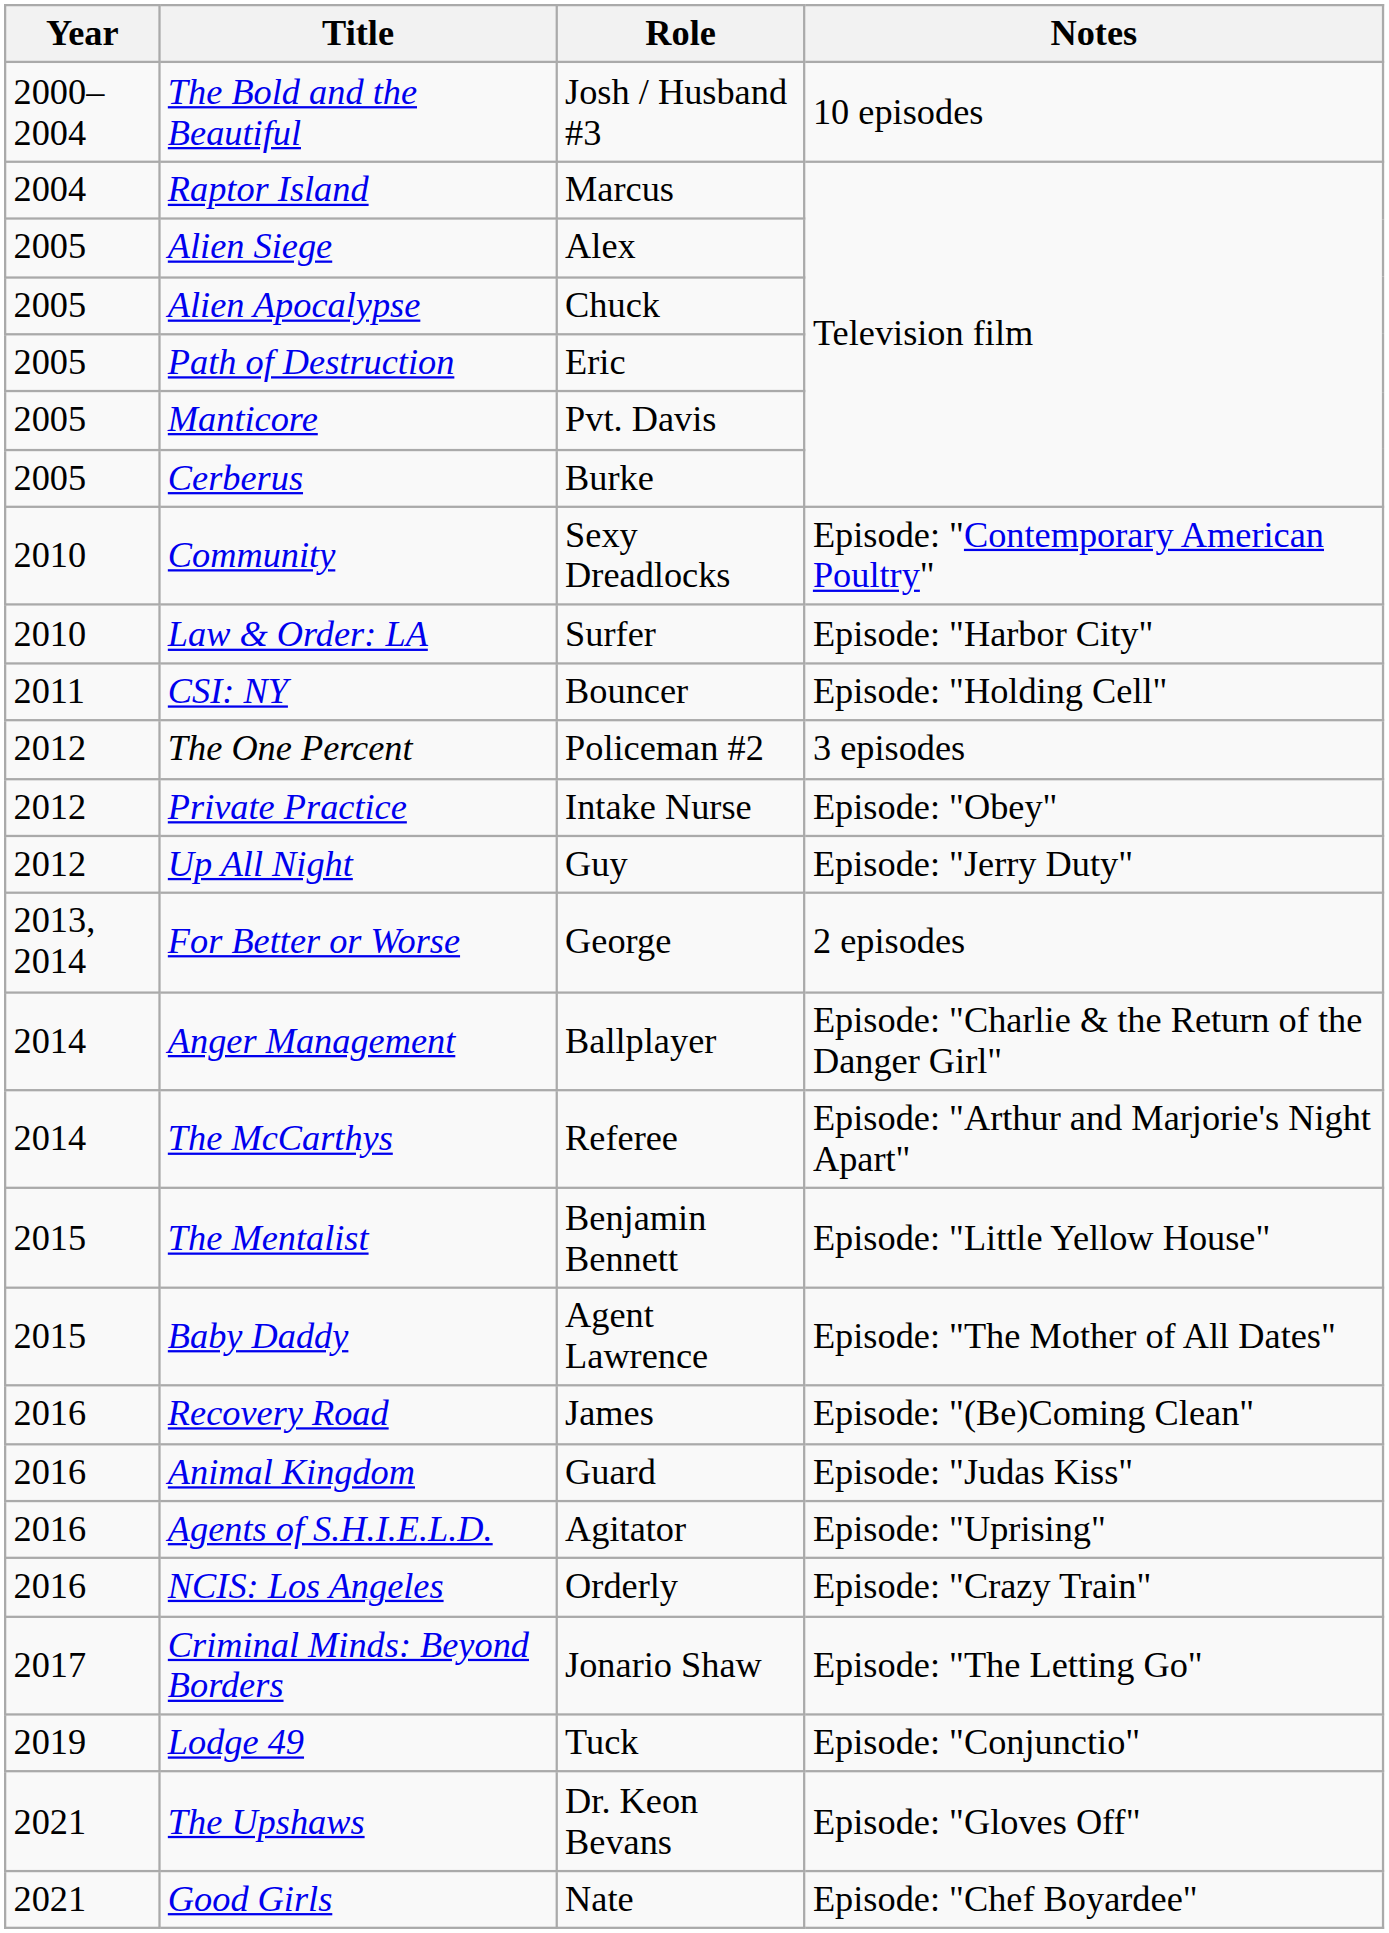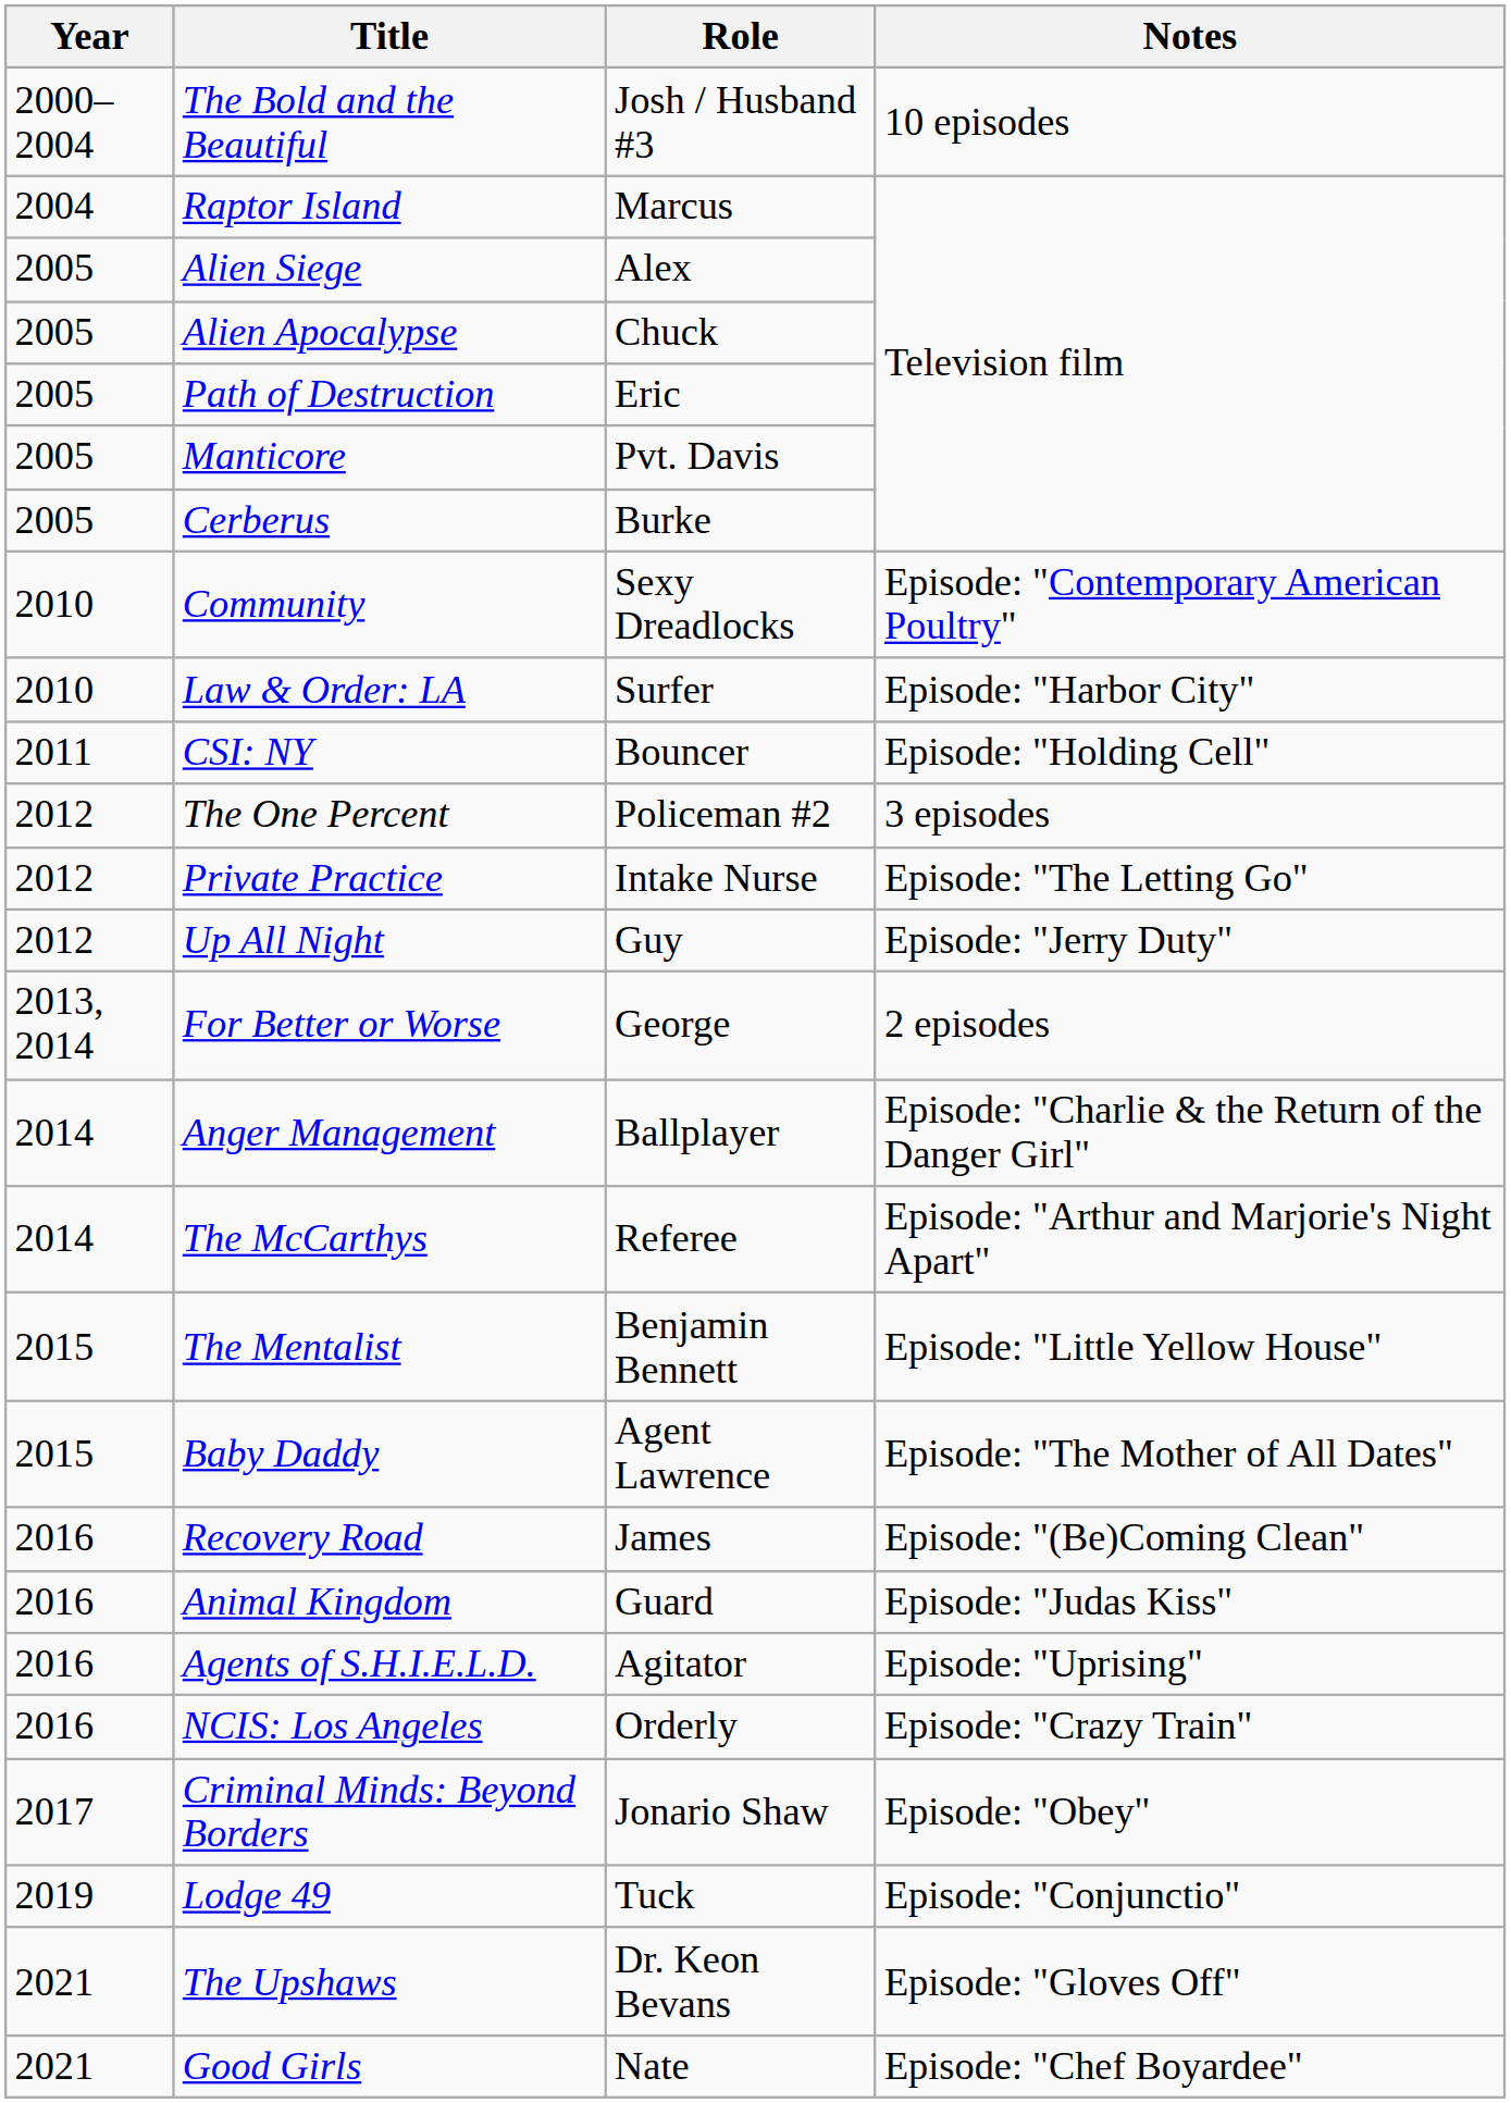 <table class="wikitable sortable">
 <tr>
 <th>Year</th>
 <th>Title</th>
 <th>Role</th>
 <th>Notes</th>
 </tr>
 <tr>
 <td>2000–2004</td>
 <td><em><a href='#'>The Bold and the Beautiful</a></em></td>
 <td>Josh / Husband #3</td>
 <td>10 episodes</td>
 </tr>
 <tr>
 <td>2004</td>
 <td><em><a href='#'>Raptor Island</a></em></td>
 <td>Marcus</td>
 <td rowspan="6">Television film</td>
 </tr>
 <tr>
 <td>2005</td>
 <td><em><a href='#'>Alien Siege</a></em></td>
 <td>Alex</td>
 </tr>
 <tr>
 <td>2005</td>
 <td><em><a href='#'>Alien Apocalypse</a></em></td>
 <td>Chuck</td>
 </tr>
 <tr>
 <td>2005</td>
 <td><a href='#'><em>Path of Destruction</em></a></td>
 <td>Eric</td>
 </tr>
 <tr>
 <td>2005</td>
 <td><a href='#'><em>Manticore</em></a></td>
 <td>Pvt. Davis</td>
 </tr>
 <tr>
 <td>2005</td>
 <td><a href='#'><em>Cerberus</em></a></td>
 <td>Burke</td>
 </tr>
 <tr>
 <td>2010</td>
 <td><a href='#'><em>Community</em></a></td>
 <td>Sexy Dreadlocks</td>
 <td>Episode: "<a href='#'>Contemporary American Poultry</a>"</td>
 </tr>
 <tr>
 <td>2010</td>
 <td><em><a href='#'>Law & Order: LA</a></em></td>
 <td>Surfer</td>
 <td>Episode: "Harbor City"</td>
 </tr>
 <tr>
 <td>2011</td>
 <td><em><a href='#'>CSI: NY</a></em></td>
 <td>Bouncer</td>
 <td>Episode: "Holding Cell"</td>
 </tr>
 <tr>
 <td>2012</td>
 <td><em>The One Percent</em></td>
 <td>Policeman #2</td>
 <td>3 episodes</td>
 </tr>
 <tr>
 <td>2012</td>
 <td><a href='#'><em>Private Practice</em></a></td>
 <td>Intake Nurse</td>
-<td>Episode: "Obey"</td>
+<td>Episode: "The Letting Go"</td>
 </tr>
 <tr>
 <td>2012</td>
 <td><a href='#'><em>Up All Night</em></a></td>
 <td>Guy</td>
 <td>Episode: "Jerry Duty"</td>
 </tr>
 <tr>
 <td>2013, 2014</td>
 <td><a href='#'><em>For Better or Worse</em></a></td>
 <td>George</td>
 <td>2 episodes</td>
 </tr>
 <tr>
 <td>2014</td>
 <td><a href='#'><em>Anger Management</em></a></td>
 <td>Ballplayer</td>
 <td>Episode: "Charlie & the Return of the Danger Girl"</td>
 </tr>
 <tr>
 <td>2014</td>
 <td><em><a href='#'>The McCarthys</a></em></td>
 <td>Referee</td>
 <td>Episode: "Arthur and Marjorie's Night Apart"</td>
 </tr>
 <tr>
 <td>2015</td>
 <td><em><a href='#'>The Mentalist</a></em></td>
 <td>Benjamin Bennett</td>
 <td>Episode: "Little Yellow House"</td>
 </tr>
 <tr>
 <td>2015</td>
 <td><em><a href='#'>Baby Daddy</a></em></td>
 <td>Agent Lawrence</td>
 <td>Episode: "The Mother of All Dates"</td>
 </tr>
 <tr>
 <td>2016</td>
 <td><a href='#'><em>Recovery Road</em></a></td>
 <td>James</td>
 <td>Episode: "(Be)Coming Clean"</td>
 </tr>
 <tr>
 <td>2016</td>
 <td><a href='#'><em>Animal Kingdom</em></a></td>
 <td>Guard</td>
 <td>Episode: "Judas Kiss"</td>
 </tr>
 <tr>
 <td>2016</td>
 <td><em><a href='#'>Agents of S.H.I.E.L.D.</a></em></td>
 <td>Agitator</td>
 <td>Episode: "Uprising"</td>
 </tr>
 <tr>
 <td>2016</td>
 <td><em><a href='#'>NCIS: Los Angeles</a></em></td>
 <td>Orderly</td>
 <td>Episode: "Crazy Train"</td>
 </tr>
 <tr>
 <td>2017</td>
 <td><em><a href='#'>Criminal Minds: Beyond Borders</a></em></td>
 <td>Jonario Shaw</td>
-<td>Episode: "The Letting Go"</td>
+<td>Episode: "Obey"</td>
 </tr>
 <tr>
 <td>2019</td>
 <td><em><a href='#'>Lodge 49</a></em></td>
 <td>Tuck</td>
 <td>Episode: "Conjunctio"</td>
 </tr>
 <tr>
 <td>2021</td>
 <td><em><a href='#'>The Upshaws</a></em></td>
 <td>Dr. Keon Bevans</td>
 <td>Episode: "Gloves Off"</td>
 </tr>
 <tr>
 <td>2021</td>
 <td><a href='#'><em>Good Girls</em></a></td>
 <td>Nate</td>
 <td>Episode: "Chef Boyardee"</td>
 </tr>
 </table>
